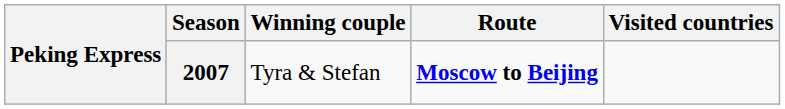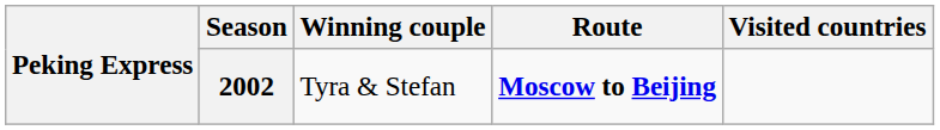 <table class="wikitable">
 <tr>
 <th rowspan="8">Peking Express</th>
 <th>Season</th>
 <th>Winning couple</th>
 <th>Route</th>
 <th>Visited countries</th>
 </tr>
 <tr>
-<th>2007</th>
+<th>2002</th>
 <td>Tyra & Stefan</td>
 <td><strong><a href='#'>Moscow</a> to <a href='#'>Beijing</a></strong></td>
 <td><br><br></td>
 </tr>
 </table>
